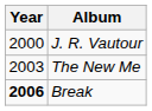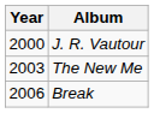 <table class="wikitable">
 <tr>
 <th>Year</th>
 <th>Album</th>
 </tr>
 <tr>
 <td>2000</td>
 <td><em>J. R. Vautour</em></td>
 </tr>
 <tr>
 <td>2003</td>
 <td><em>The New Me</em></td>
 </tr>
 <tr>
-<td><strong>2006</strong></td>
+<td>2006</td>
 <td><em>Break</em></td>
 </tr>
 </table>
